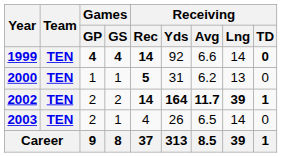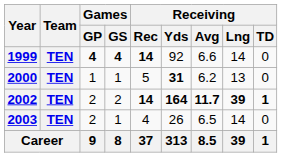 <table class="wikitable" style="text-align:center;">
 <tr>
 <th rowspan="2">Year</th>
 <th rowspan="2">Team</th>
 <th colspan="2">Games</th>
 <th colspan="5">Receiving</th>
 </tr>
 <tr>
 <th>GP</th>
 <th>GS</th>
 <th>Rec</th>
 <th>Yds</th>
 <th>Avg</th>
 <th>Lng</th>
 <th>TD</th>
 </tr>
 <tr>
 <th><a href='#'>1999</a></th>
 <th><a href='#'>TEN</a></th>
 <td><strong>4</strong></td>
 <td><strong>4</strong></td>
 <td><strong>14</strong></td>
 <td>92</td>
 <td>6.6</td>
 <td>14</td>
-<td><strong>0</strong></td>
+<td>0</td>
 </tr>
 <tr>
 <th><a href='#'>2000</a></th>
 <th><a href='#'>TEN</a></th>
 <td>1</td>
 <td>1</td>
-<td><strong>5</strong></td>
-<td>31</td>
+<td>5</td>
+<td><strong>31</strong></td>
 <td>6.2</td>
 <td>13</td>
 <td>0</td>
 </tr>
 <tr>
 <th><a href='#'>2002</a></th>
 <th><a href='#'>TEN</a></th>
 <td>2</td>
 <td>2</td>
 <td><strong>14</strong></td>
 <td><strong>164</strong></td>
 <td><strong>11.7</strong></td>
 <td><strong>39</strong></td>
 <td><strong>1</strong></td>
 </tr>
 <tr>
 <th><a href='#'>2003</a></th>
 <th><a href='#'>TEN</a></th>
 <td>2</td>
 <td>1</td>
 <td>4</td>
 <td>26</td>
 <td>6.5</td>
 <td>14</td>
 <td>0</td>
 </tr>
 <tr>
 <th colspan="2">Career</th>
 <th>9</th>
 <th>8</th>
 <th>37</th>
 <th>313</th>
 <th>8.5</th>
 <th>39</th>
 <th>1</th>
 </tr>
 </table>
